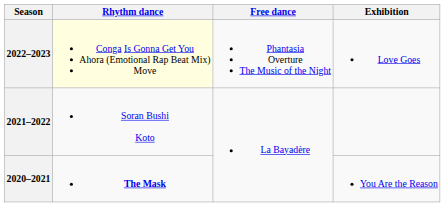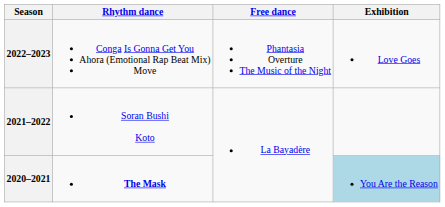 <table class="wikitable" style="text-align:center">
 <tr>
 <th>Season</th>
 <th><a href='#'>Rhythm dance</a></th>
 <th><a href='#'>Free dance</a></th>
 <th>Exhibition</th>
 </tr>
 <tr>
 <th>2022–2023 <br> </th>
-<td style="background: lightyellow;"><br><ul><li><a href='#'>Conga</a> <a href='#'>Is Gonna Get You</a> <br></li><li>Ahora (Emotional Rap Beat Mix) <br></li><li>Move <br> </li></ul></td>
+<td><br><ul><li><a href='#'>Conga</a> <a href='#'>Is Gonna Get You</a> <br></li><li>Ahora (Emotional Rap Beat Mix) <br></li><li>Move <br> </li></ul></td>
 <td><br><ul><li><a href='#'>Phantasia</a> <br> </li><li>Overture</li><li><a href='#'>The Music of the Night</a> <br> </li></ul></td>
 <td><br><ul><li><a href='#'>Love Goes</a> <br></li></ul></td>
 </tr>
 <tr>
 <th>2021–2022 <br> </th>
 <td><br><ul><li><a href='#'>Soran Bushi</a> <br>  <br> <a href='#'>Koto</a> <br></li></ul></td>
 <td rowspan=2><br><ul><li><a href='#'>La Bayadère</a> <br></li></ul></td>
 <td></td>
 </tr>
 <tr>
 <th>2020–2021 <br> </th>
 <td><strong><br><ul><li><a href='#'>The Mask</a> <br></li></ul></strong></td>
-<td><br><ul><li><a href='#'>You Are the Reason</a> <br></li></ul></td>
+<td style="background: lightblue;"><br><ul><li><a href='#'>You Are the Reason</a> <br></li></ul></td>
 </tr>
 </table>
